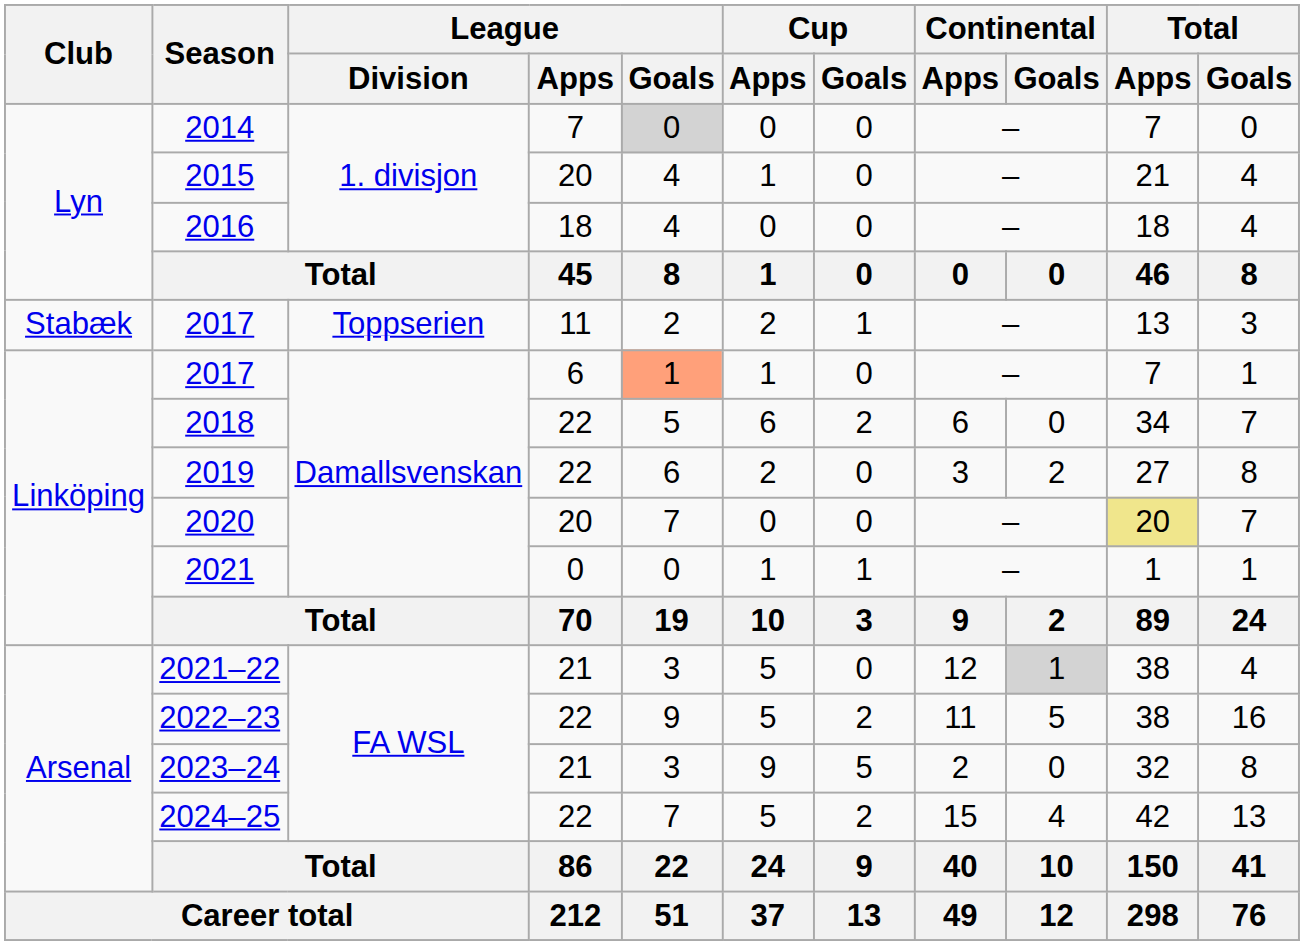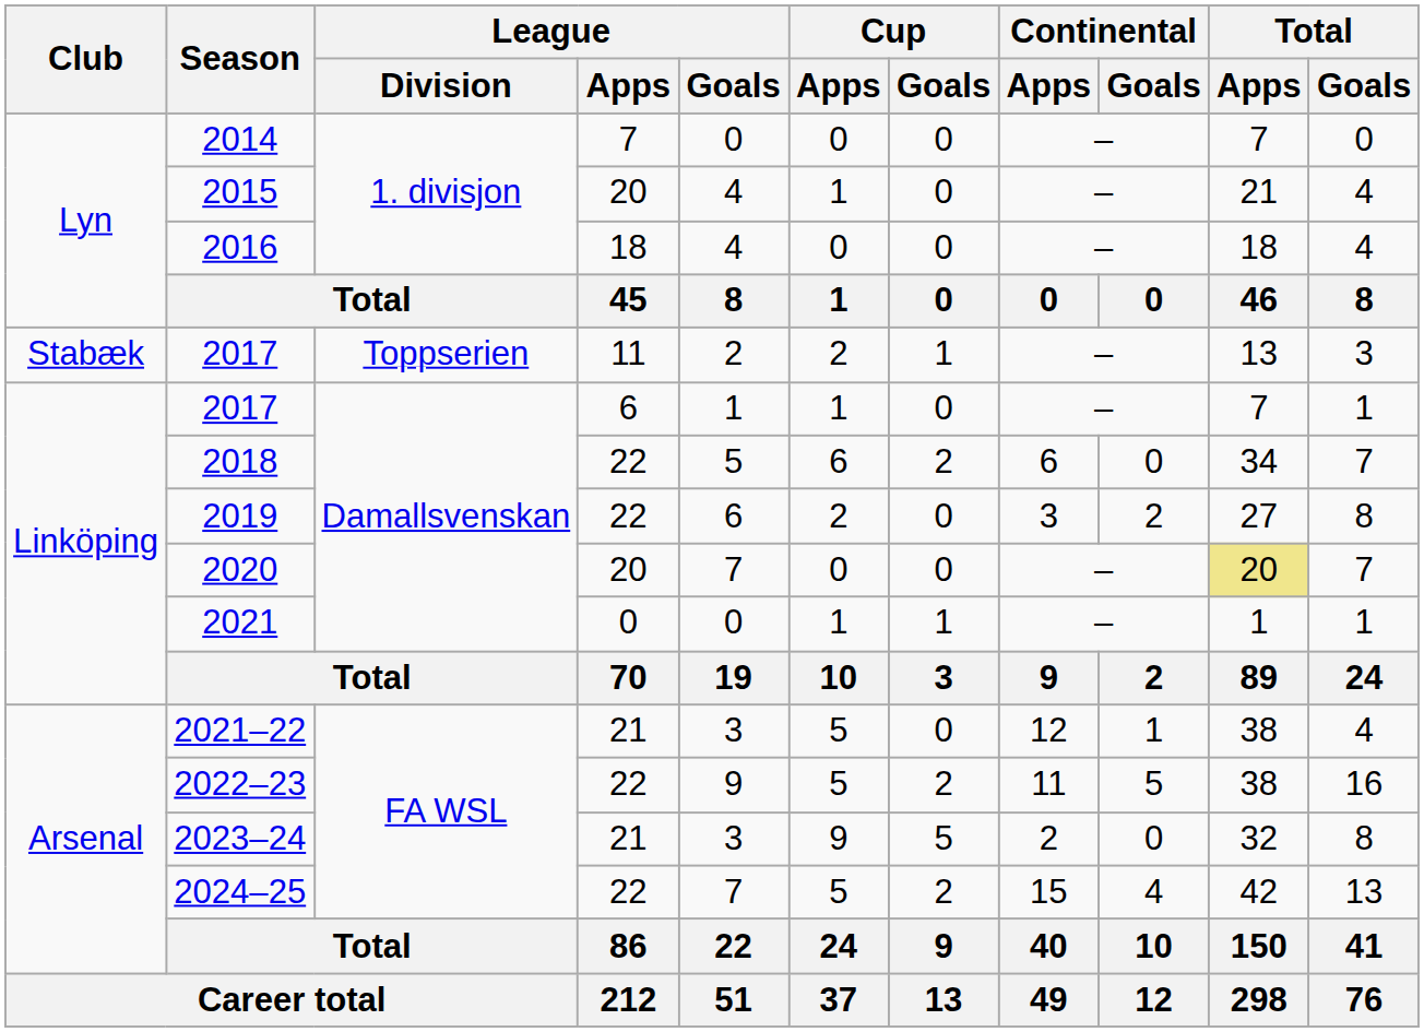 <table class="wikitable" style="text-align:center">
 <tr>
 <th rowspan="2">Club</th>
 <th rowspan="2">Season</th>
 <th colspan="3">League</th>
 <th colspan="2">Cup</th>
 <th colspan="2">Continental</th>
 <th colspan="2">Total</th>
 </tr>
 <tr>
 <th>Division</th>
 <th>Apps</th>
 <th>Goals</th>
 <th>Apps</th>
 <th>Goals</th>
 <th>Apps</th>
 <th>Goals</th>
 <th>Apps</th>
 <th>Goals</th>
 </tr>
 <tr>
 <td rowspan="4"><a href='#'>Lyn</a></td>
 <td><a href='#'>2014</a></td>
 <td rowspan="3"><a href='#'>1. divisjon</a></td>
 <td>7</td>
-<td style="background: lightgrey;">0</td>
+<td>0</td>
 <td>0</td>
 <td>0</td>
 <td colspan="2">–</td>
 <td>7</td>
 <td>0</td>
 </tr>
 <tr>
 <td><a href='#'>2015</a></td>
 <td>20</td>
 <td>4</td>
 <td>1</td>
 <td>0</td>
 <td colspan="2">–</td>
 <td>21</td>
 <td>4</td>
 </tr>
 <tr>
 <td><a href='#'>2016</a></td>
 <td>18</td>
 <td>4</td>
 <td>0</td>
 <td>0</td>
 <td colspan="2">–</td>
 <td>18</td>
 <td>4</td>
 </tr>
 <tr>
 <th colspan="2">Total</th>
 <th>45</th>
 <th>8</th>
 <th>1</th>
 <th>0</th>
 <th>0</th>
 <th>0</th>
 <th>46</th>
 <th>8</th>
 </tr>
 <tr>
 <td><a href='#'>Stabæk</a></td>
 <td><a href='#'>2017</a></td>
 <td><a href='#'>Toppserien</a></td>
 <td>11</td>
 <td>2</td>
 <td>2</td>
 <td>1</td>
 <td colspan="2">–</td>
 <td>13</td>
 <td>3</td>
 </tr>
 <tr>
 <td rowspan="6"><a href='#'>Linköping</a></td>
 <td><a href='#'>2017</a></td>
 <td rowspan="5"><a href='#'>Damallsvenskan</a></td>
 <td>6</td>
-<td style="background: lightsalmon;">1</td>
+<td>1</td>
 <td>1</td>
 <td>0</td>
 <td colspan="2">–</td>
 <td>7</td>
 <td>1</td>
 </tr>
 <tr>
 <td><a href='#'>2018</a></td>
 <td>22</td>
 <td>5</td>
 <td>6</td>
 <td>2</td>
 <td>6</td>
 <td>0</td>
 <td>34</td>
 <td>7</td>
 </tr>
 <tr>
 <td><a href='#'>2019</a></td>
 <td>22</td>
 <td>6</td>
 <td>2</td>
 <td>0</td>
 <td>3</td>
 <td>2</td>
 <td>27</td>
 <td>8</td>
 </tr>
 <tr>
 <td><a href='#'>2020</a></td>
 <td>20</td>
 <td>7</td>
 <td>0</td>
 <td>0</td>
 <td colspan="2">–</td>
 <td style="background: khaki;">20</td>
 <td>7</td>
 </tr>
 <tr>
 <td><a href='#'>2021</a></td>
 <td>0</td>
 <td>0</td>
 <td>1</td>
 <td>1</td>
 <td colspan="2">–</td>
 <td>1</td>
 <td>1</td>
 </tr>
 <tr>
 <th colspan="2">Total</th>
 <th>70</th>
 <th>19</th>
 <th>10</th>
 <th>3</th>
 <th>9</th>
 <th>2</th>
 <th>89</th>
 <th>24</th>
 </tr>
 <tr>
 <td rowspan="5"><a href='#'>Arsenal</a></td>
 <td><a href='#'>2021–22</a></td>
 <td rowspan="4"><a href='#'>FA WSL</a></td>
 <td>21</td>
 <td>3</td>
 <td>5</td>
 <td>0</td>
 <td>12</td>
-<td style="background: lightgrey;">1</td>
+<td>1</td>
 <td>38</td>
 <td>4</td>
 </tr>
 <tr>
 <td><a href='#'>2022–23</a></td>
 <td>22</td>
 <td>9</td>
 <td>5</td>
 <td>2</td>
 <td>11</td>
 <td>5</td>
 <td>38</td>
 <td>16</td>
 </tr>
 <tr>
 <td><a href='#'>2023–24</a></td>
 <td>21</td>
 <td>3</td>
 <td>9</td>
 <td>5</td>
 <td>2</td>
 <td>0</td>
 <td>32</td>
 <td>8</td>
 </tr>
 <tr>
 <td><a href='#'>2024–25</a></td>
 <td>22</td>
 <td>7</td>
 <td>5</td>
 <td>2</td>
 <td>15</td>
 <td>4</td>
 <td>42</td>
 <td>13</td>
 </tr>
 <tr>
 <th colspan="2">Total</th>
 <th>86</th>
 <th>22</th>
 <th>24</th>
 <th>9</th>
 <th>40</th>
 <th>10</th>
 <th>150</th>
 <th>41</th>
 </tr>
 <tr>
 <th colspan="3">Career total</th>
 <th>212</th>
 <th>51</th>
 <th>37</th>
 <th>13</th>
 <th>49</th>
 <th>12</th>
 <th>298</th>
 <th>76</th>
 </tr>
 </table>
